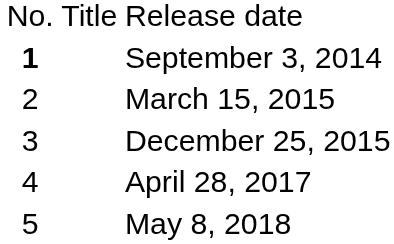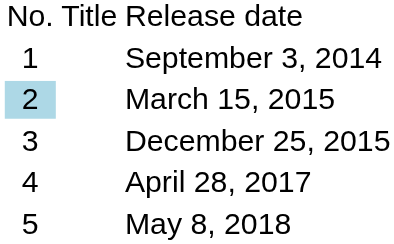 <table>
 <tr>
 <td>No.</td>
 <td>Title</td>
 <td>Release date</td>
 </tr>
 <tr>
-<td align="center"><strong>1</strong></td>
+<td align="center">1</td>
 <td></td>
 <td>September 3, 2014</td>
 </tr>
 <tr>
-<td align="center">2</td>
+<td align="center" style="background: lightblue;">2</td>
 <td></td>
 <td>March 15, 2015</td>
 </tr>
 <tr>
 <td align="center">3</td>
 <td></td>
 <td>December 25, 2015</td>
 </tr>
 <tr>
 <td align="center">4</td>
 <td></td>
 <td>April 28, 2017</td>
 </tr>
 <tr>
 <td align="center">5</td>
 <td></td>
 <td>May 8, 2018</td>
 </tr>
 </table>
